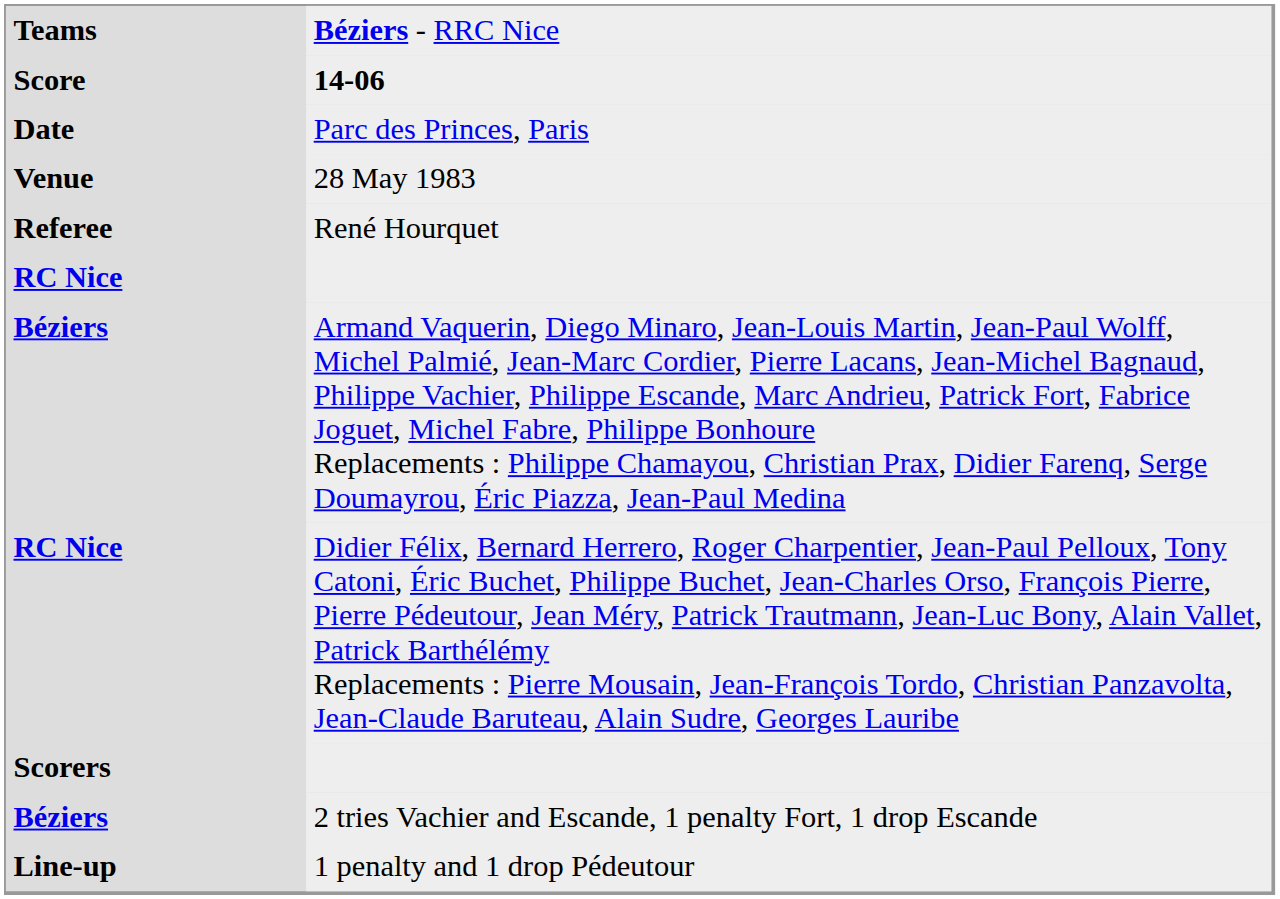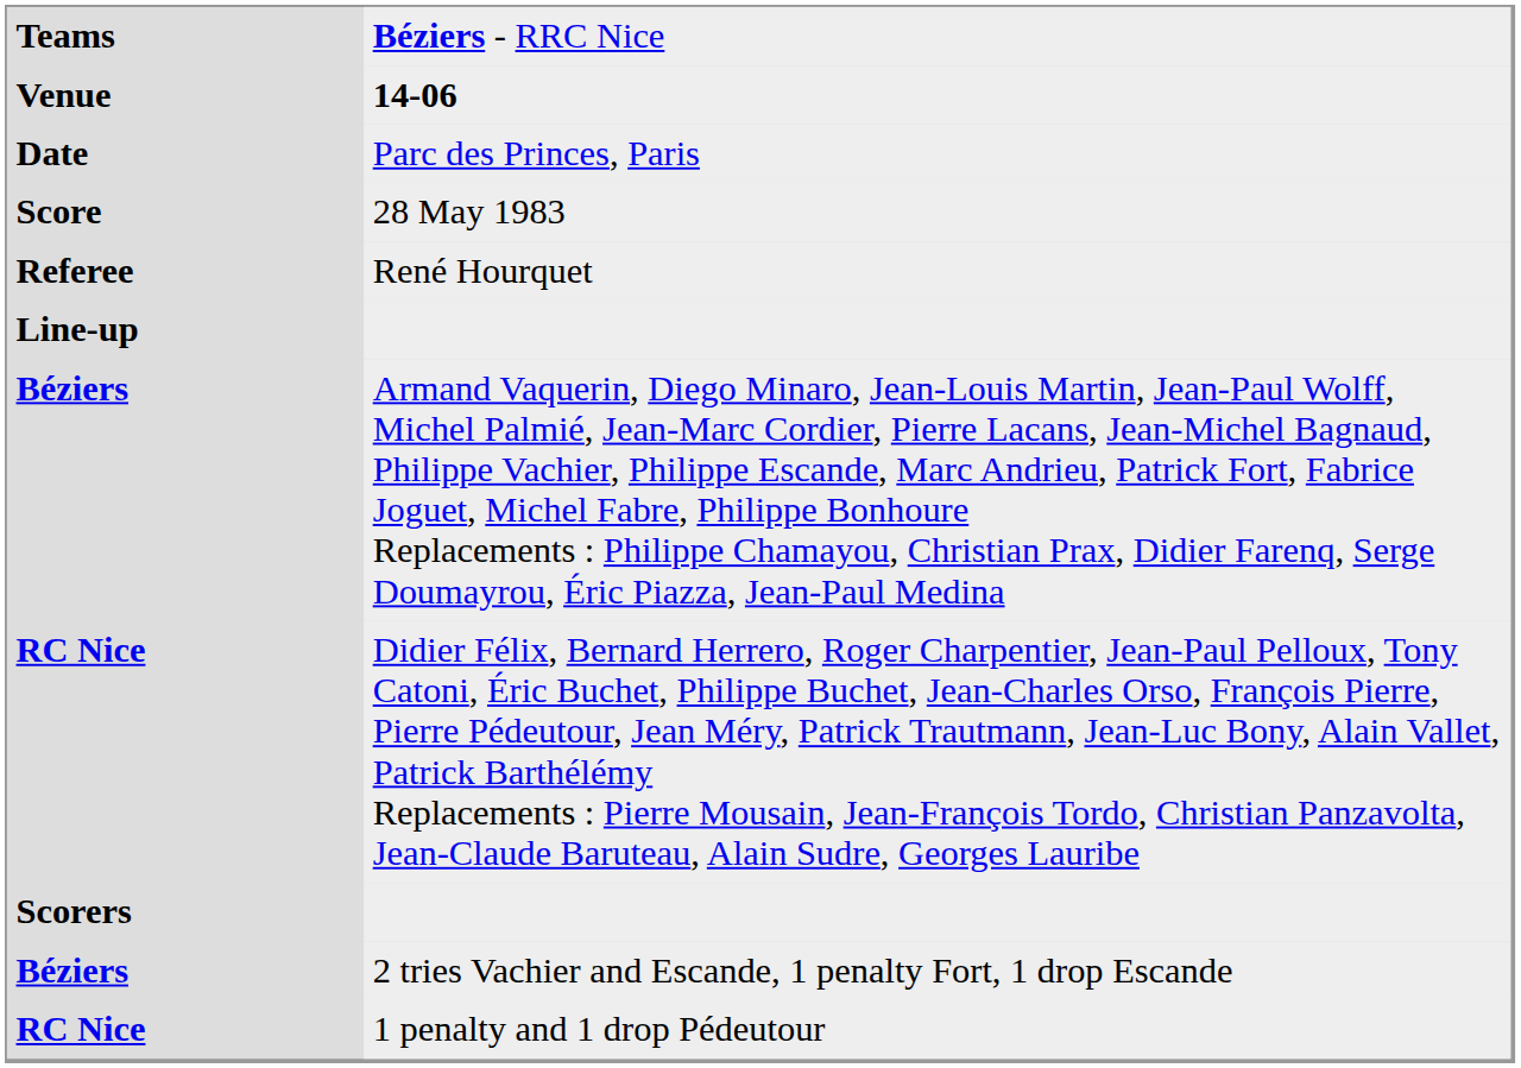 <table align="left" cellpadding="4" cellspacing="0"  style="margin: 0 0 0 0; border: 1px solid #999; border-right-width: 2px; border-bottom-width: 2px; background-color: #DDDDDD">
 <tr>
 <td width="150" valign="top"><strong>Teams</strong></td>
 <td width="500" bgcolor=#EEEEEE><strong><a href='#'>Béziers</a> </strong> - <a href='#'>RRC Nice</a></td>
 </tr>
 <tr>
-<td valign="top"><strong>Score</strong></td>
+<td valign="top"><strong>Venue</strong></td>
 <td bgcolor=#EEEEEE><strong>14-06</strong></td>
 </tr>
 <tr>
 <td valign="top"><strong>Date</strong></td>
 <td bgcolor=#EEEEEE><a href='#'>Parc des Princes</a>, <a href='#'>Paris</a></td>
 </tr>
 <tr>
-<td valign="top"><strong>Venue</strong></td>
+<td valign="top"><strong>Score</strong></td>
 <td bgcolor=#EEEEEE>28 May 1983</td>
 </tr>
 <tr>
 <td valign="top"><strong>Referee</strong></td>
 <td bgcolor=#EEEEEE>René Hourquet</td>
 </tr>
 <tr>
-<td valign="top"><strong><a href='#'>RC Nice</a></strong></td>
+<td valign="top"><strong>Line-up</strong></td>
 <td bgcolor=#EEEEEE></td>
 </tr>
 <tr>
 <td valign="top"><strong> <a href='#'>Béziers</a> </strong></td>
 <td bgcolor=#EEEEEE><a href='#'>Armand Vaquerin</a>, <a href='#'>Diego Minaro</a>, <a href='#'>Jean-Louis Martin</a>, <a href='#'>Jean-Paul Wolff</a>, <a href='#'>Michel Palmié</a>, <a href='#'>Jean-Marc Cordier</a>, <a href='#'>Pierre Lacans</a>, <a href='#'>Jean-Michel Bagnaud</a>, <a href='#'>Philippe Vachier</a>, <a href='#'>Philippe Escande</a>, <a href='#'>Marc Andrieu</a>, <a href='#'>Patrick Fort</a>, <a href='#'>Fabrice Joguet</a>, <a href='#'>Michel Fabre</a>, <a href='#'>Philippe Bonhoure</a> <br>Replacements : <a href='#'>Philippe Chamayou</a>, <a href='#'>Christian Prax</a>, <a href='#'>Didier Farenq</a>, <a href='#'>Serge Doumayrou</a>, <a href='#'>Éric Piazza</a>, <a href='#'>Jean-Paul Medina</a></td>
 </tr>
 <tr>
 <td valign="top"><strong><a href='#'>RC Nice</a> </strong></td>
 <td bgcolor=#EEEEEE><a href='#'>Didier Félix</a>, <a href='#'>Bernard Herrero</a>, <a href='#'>Roger Charpentier</a>, <a href='#'>Jean-Paul Pelloux</a>, <a href='#'>Tony Catoni</a>, <a href='#'>Éric Buchet</a>, <a href='#'>Philippe Buchet</a>, <a href='#'>Jean-Charles Orso</a>, <a href='#'>François Pierre</a>, <a href='#'>Pierre Pédeutour</a>, <a href='#'>Jean Méry</a>, <a href='#'>Patrick Trautmann</a>, <a href='#'>Jean-Luc Bony</a>, <a href='#'>Alain Vallet</a>, <a href='#'>Patrick Barthélémy</a><br>Replacements : <a href='#'>Pierre Mousain</a>, <a href='#'>Jean-François Tordo</a>, <a href='#'>Christian Panzavolta</a>, <a href='#'>Jean-Claude Baruteau</a>, <a href='#'>Alain Sudre</a>, <a href='#'>Georges Lauribe</a></td>
 </tr>
 <tr>
 <td valign="top"><strong>Scorers</strong></td>
 <td bgcolor=#EEEEEE></td>
 </tr>
 <tr>
 <td valign="top"><strong> <a href='#'>Béziers</a> </strong></td>
 <td bgcolor=#EEEEEE>2 tries Vachier and Escande, 1 penalty Fort, 1 drop Escande</td>
 </tr>
 <tr>
-<td valign="top"><strong>Line-up</strong></td>
+<td valign="top"><strong><a href='#'>RC Nice</a></strong></td>
 <td bgcolor=#EEEEEE>1 penalty and 1 drop Pédeutour</td>
 </tr>
 </table>
